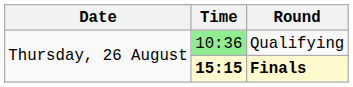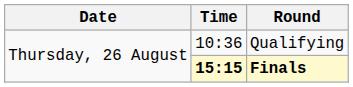 <table class="wikitable">
 <tr>
 <th>Date</th>
 <th>Time</th>
 <th>Round</th>
 </tr>
 <tr>
 <td rowspan=2>Thursday, 26 August</td>
-<td style="background: lightgreen;">10:36</td>
+<td>10:36</td>
 <td>Qualifying</td>
 </tr>
 <tr style="background:lemonchiffon">
 <td><strong>15:15</strong></td>
 <td><strong>Finals</strong></td>
 </tr>
 </table>
